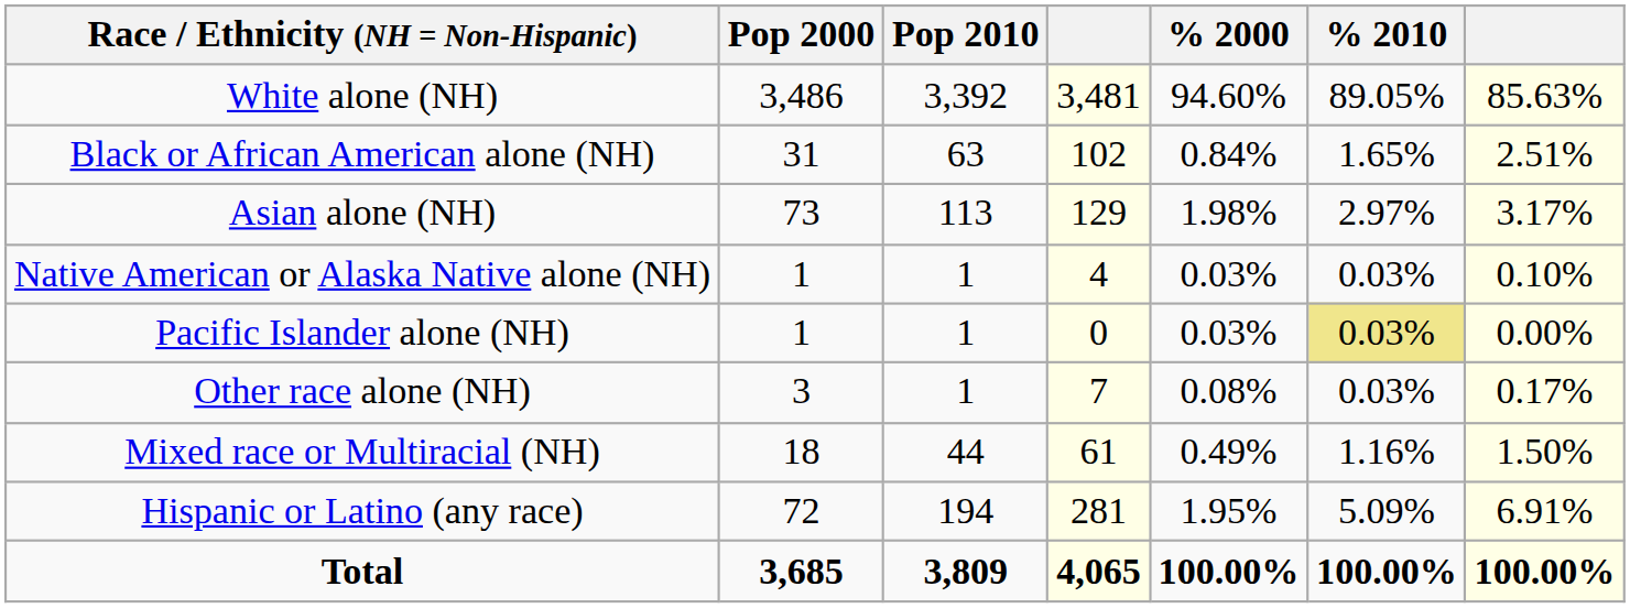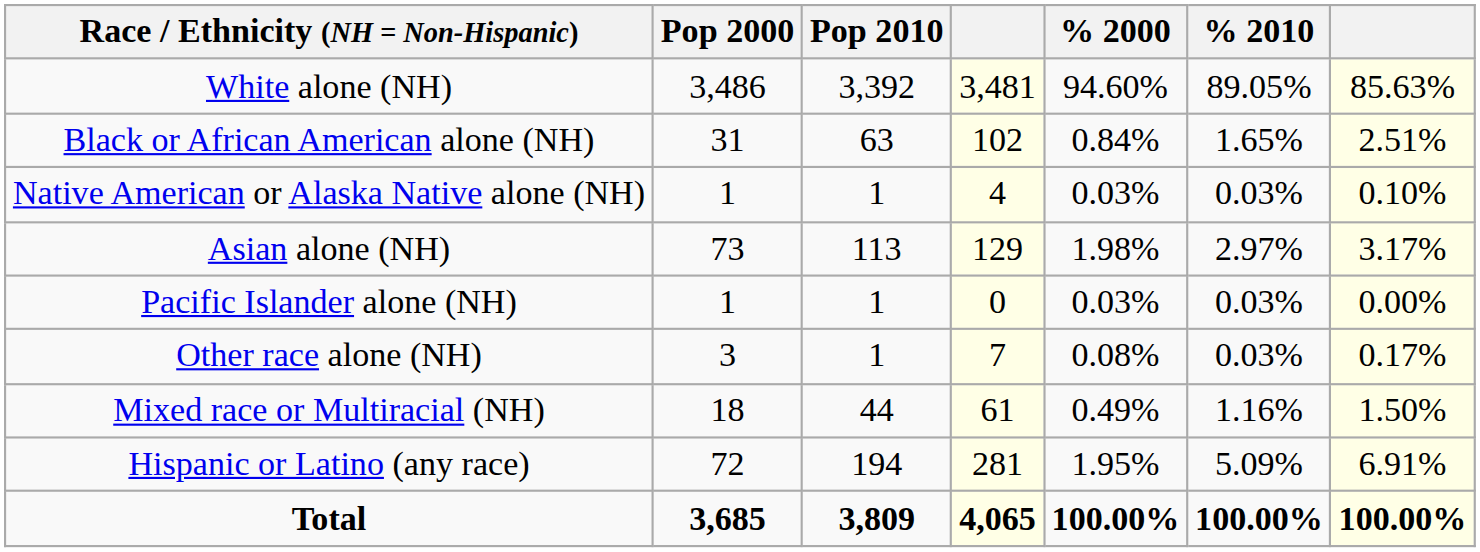 <table class="wikitable" style="text-align:center;">
 <tr>
 <th>Race / Ethnicity <small>(<em>NH = Non-Hispanic</em>)</small></th>
 <th>Pop 2000</th>
 <th>Pop 2010</th>
 <th></th>
 <th>% 2000</th>
 <th>% 2010</th>
 <th></th>
 </tr>
 <tr>
 <td><a href='#'>White</a> alone (NH)</td>
 <td>3,486</td>
 <td>3,392</td>
 <td style='background: #ffffe6;'>3,481</td>
 <td>94.60%</td>
 <td>89.05%</td>
 <td style='background: #ffffe6;'>85.63%</td>
 </tr>
 <tr>
 <td><a href='#'>Black or African American</a> alone (NH)</td>
 <td>31</td>
 <td>63</td>
 <td style='background: #ffffe6;'>102</td>
 <td>0.84%</td>
 <td>1.65%</td>
 <td style='background: #ffffe6;'>2.51%</td>
 </tr>
 <tr>
+<td><a href='#'>Native American</a> or <a href='#'>Alaska Native</a> alone (NH)</td>
+<td>1</td>
+<td>1</td>
+<td style='background: #ffffe6;'>4</td>
+<td>0.03%</td>
+<td>0.03%</td>
+<td style='background: #ffffe6;'>0.10%</td>
+</tr>
+<tr>
 <td><a href='#'>Asian</a> alone (NH)</td>
 <td>73</td>
 <td>113</td>
 <td style='background: #ffffe6;'>129</td>
 <td>1.98%</td>
 <td>2.97%</td>
 <td style='background: #ffffe6;'>3.17%</td>
 </tr>
 <tr>
-<td><a href='#'>Native American</a> or <a href='#'>Alaska Native</a> alone (NH)</td>
-<td>1</td>
-<td>1</td>
-<td style='background: #ffffe6;'>4</td>
-<td>0.03%</td>
-<td>0.03%</td>
-<td style='background: #ffffe6;'>0.10%</td>
-</tr>
-<tr>
 <td><a href='#'>Pacific Islander</a> alone (NH)</td>
 <td>1</td>
 <td>1</td>
 <td style='background: #ffffe6;'>0</td>
 <td>0.03%</td>
-<td style="background: khaki;">0.03%</td>
+<td>0.03%</td>
 <td style='background: #ffffe6;'>0.00%</td>
 </tr>
 <tr>
 <td><a href='#'>Other race</a> alone (NH)</td>
 <td>3</td>
 <td>1</td>
 <td style='background: #ffffe6;'>7</td>
 <td>0.08%</td>
 <td>0.03%</td>
 <td style='background: #ffffe6;'>0.17%</td>
 </tr>
 <tr>
 <td><a href='#'>Mixed race or Multiracial</a> (NH)</td>
 <td>18</td>
 <td>44</td>
 <td style='background: #ffffe6;'>61</td>
 <td>0.49%</td>
 <td>1.16%</td>
 <td style='background: #ffffe6;'>1.50%</td>
 </tr>
 <tr>
 <td><a href='#'>Hispanic or Latino</a> (any race)</td>
 <td>72</td>
 <td>194</td>
 <td style='background: #ffffe6;'>281</td>
 <td>1.95%</td>
 <td>5.09%</td>
 <td style='background: #ffffe6;'>6.91%</td>
 </tr>
 <tr>
 <td><strong>Total</strong></td>
 <td><strong>3,685</strong></td>
 <td><strong>3,809</strong></td>
 <td style='background: #ffffe6;'><strong>4,065</strong></td>
 <td><strong>100.00%</strong></td>
 <td><strong>100.00%</strong></td>
 <td style='background: #ffffe6;'><strong>100.00%</strong></td>
 </tr>
 </table>
